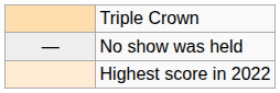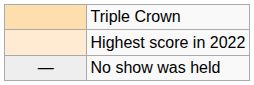 <table class="wikitable">
 <tr>
 <td width="75px" style="font-weight: bold; background: navajowhite;"></td>
 <td>Triple Crown</td>
 </tr>
 <tr>
+<td width="75px" style="background: #ffebd2;"></td>
+<td>Highest score in 2022</td>
+</tr>
+<tr>
 <td width="75px" style="background:#eee; text-align:center">—</td>
 <td>No show was held</td>
 </tr>
-<tr>
-<td width="75px" style="background: #ffebd2;"></td>
-<td>Highest score in 2022</td>
-</tr>
 </table>
